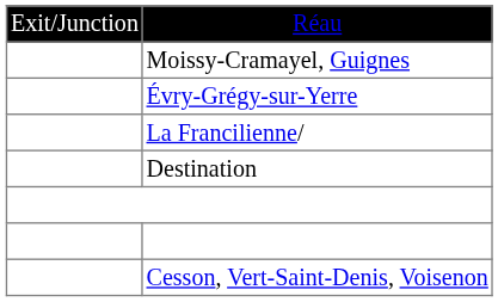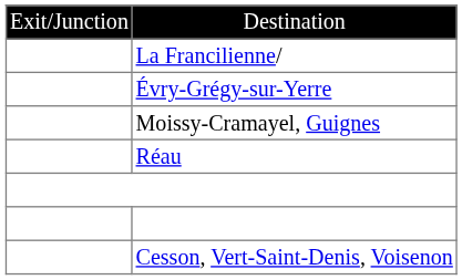 <table border=1 cellpadding=2 style="margin-left:1em; margin-bottom: 1em; color: black; border-collapse: collapse; font-size: 95%;">
 <tr align="center" bgcolor="FFFFFF" style="color: white;font-size:120%;">
 </tr>
 <tr align="center" bgcolor="000000" style="color: white">
 <td>Exit/Junction</td>
-<td><a href='#'>Réau</a></td>
+<td>Destination</td>
 </tr>
 <tr>
 <td> </td>
-<td>Moissy-Cramayel, <a href='#'>Guignes</a></td>
+<td><a href='#'>La Francilienne</a>/</td>
 </tr>
 <tr>
 <td></td>
 <td><a href='#'>Évry-Grégy-sur-Yerre</a></td>
 </tr>
 <tr>
 <td></td>
-<td><a href='#'>La Francilienne</a>/</td>
+<td>Moissy-Cramayel, <a href='#'>Guignes</a></td>
 </tr>
 <tr>
 <td></td>
-<td>Destination</td>
+<td><a href='#'>Réau</a></td>
 </tr>
 <tr>
 <td colspan="2"> <br> </td>
 </tr>
 <tr>
 <td> </td>
 <td></td>
 </tr>
 <tr>
 <td></td>
 <td><a href='#'>Cesson</a>, <a href='#'>Vert-Saint-Denis</a>, <a href='#'>Voisenon</a></td>
 </tr>
 </table>
